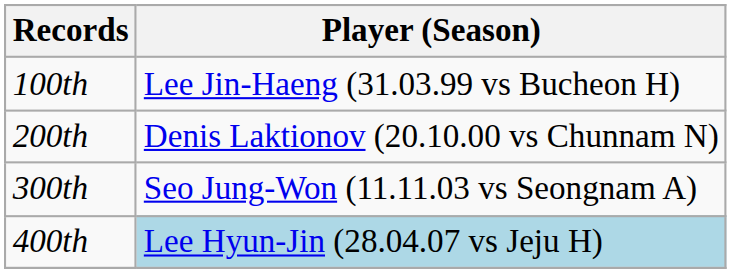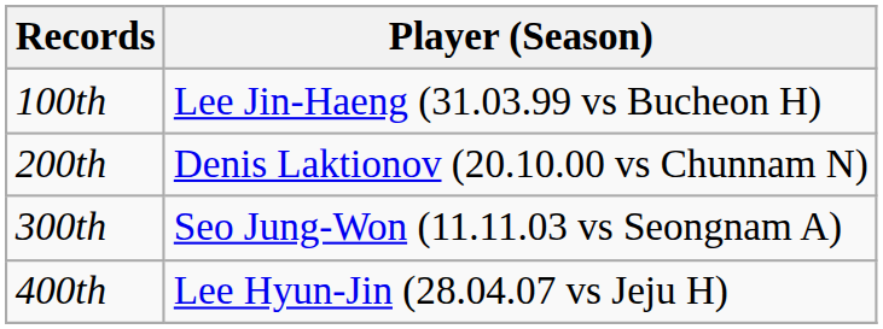 <table class = "wikitable sortable">
 <tr>
 <th>Records</th>
 <th>Player (Season)</th>
 </tr>
 <tr>
 <td><em>100th</em></td>
 <td><a href='#'>Lee Jin-Haeng</a> (31.03.99 vs Bucheon H)</td>
 </tr>
 <tr>
 <td><em>200th</em></td>
 <td><a href='#'>Denis Laktionov</a> (20.10.00 vs Chunnam N)</td>
 </tr>
 <tr>
 <td><em>300th</em></td>
 <td><a href='#'>Seo Jung-Won</a> (11.11.03 vs Seongnam A)</td>
 </tr>
 <tr>
 <td><em>400th</em></td>
-<td style="background: lightblue;"><a href='#'>Lee Hyun-Jin</a> (28.04.07 vs Jeju H)</td>
+<td><a href='#'>Lee Hyun-Jin</a> (28.04.07 vs Jeju H)</td>
 </tr>
 <tr>
 </tr>
 </table>
